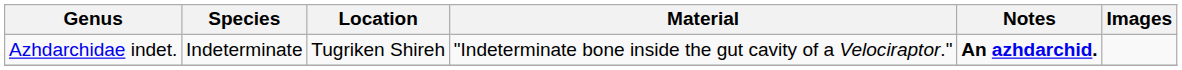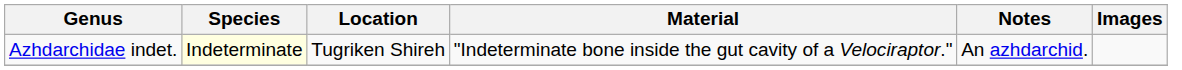 <table class="wikitable sortable">
 <tr>
 <th>Genus</th>
 <th>Species</th>
 <th>Location</th>
 <th>Material</th>
 <th>Notes</th>
 <th>Images</th>
 </tr>
 <tr>
 <td><a href='#'>Azhdarchidae</a> indet.</td>
-<td>Indeterminate</td>
+<td style="background: lightyellow;">Indeterminate</td>
 <td>Tugriken Shireh</td>
 <td>"Indeterminate bone inside the gut cavity of a <em>Velociraptor</em>."</td>
-<td><strong>An <a href='#'>azhdarchid</a>.</strong></td>
+<td>An <a href='#'>azhdarchid</a>.</td>
 <td></td>
 </tr>
 <tr>
 </tr>
 </table>
